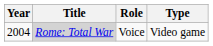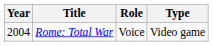 <table class="wikitable">
 <tr>
 <th>Year</th>
 <th>Title</th>
 <th>Role</th>
 <th>Type</th>
 </tr>
 <tr>
 <td>2004</td>
-<td style="background: lightgrey;"><em><a href='#'>Rome: Total War</a></em></td>
+<td><em><a href='#'>Rome: Total War</a></em></td>
 <td>Voice</td>
 <td>Video game</td>
 </tr>
 </table>
